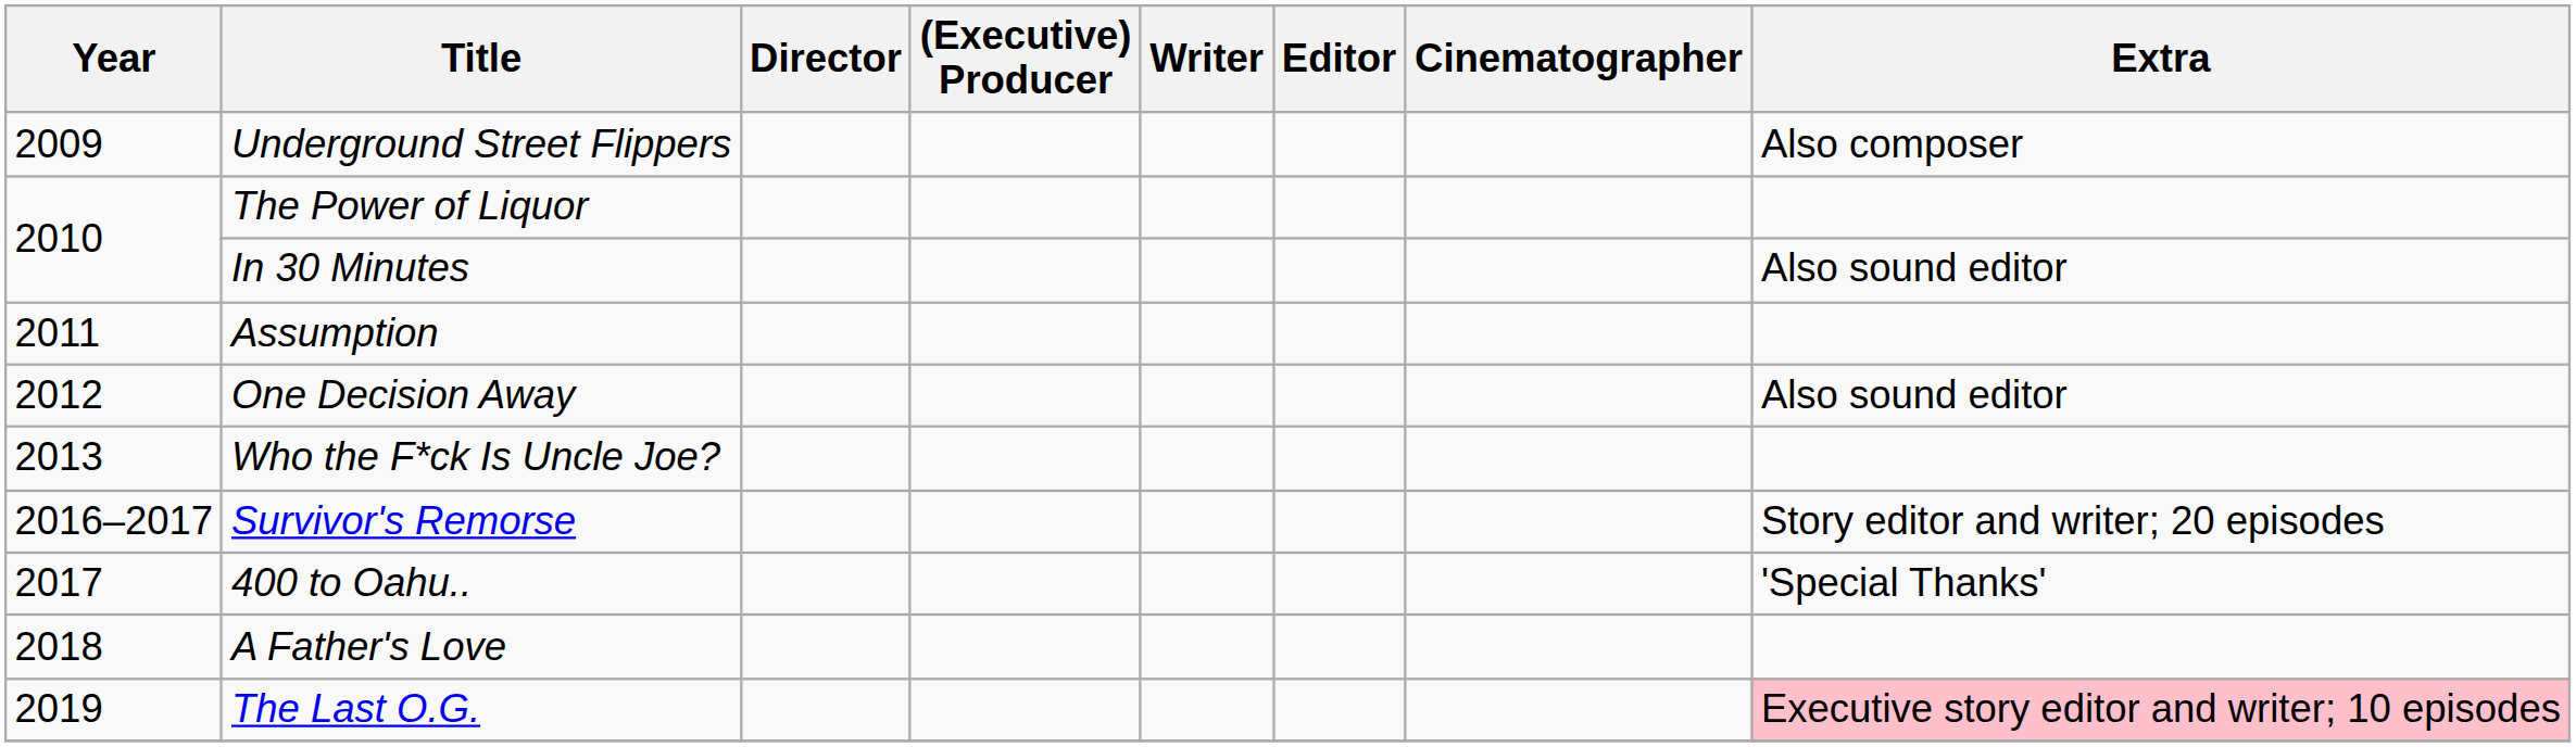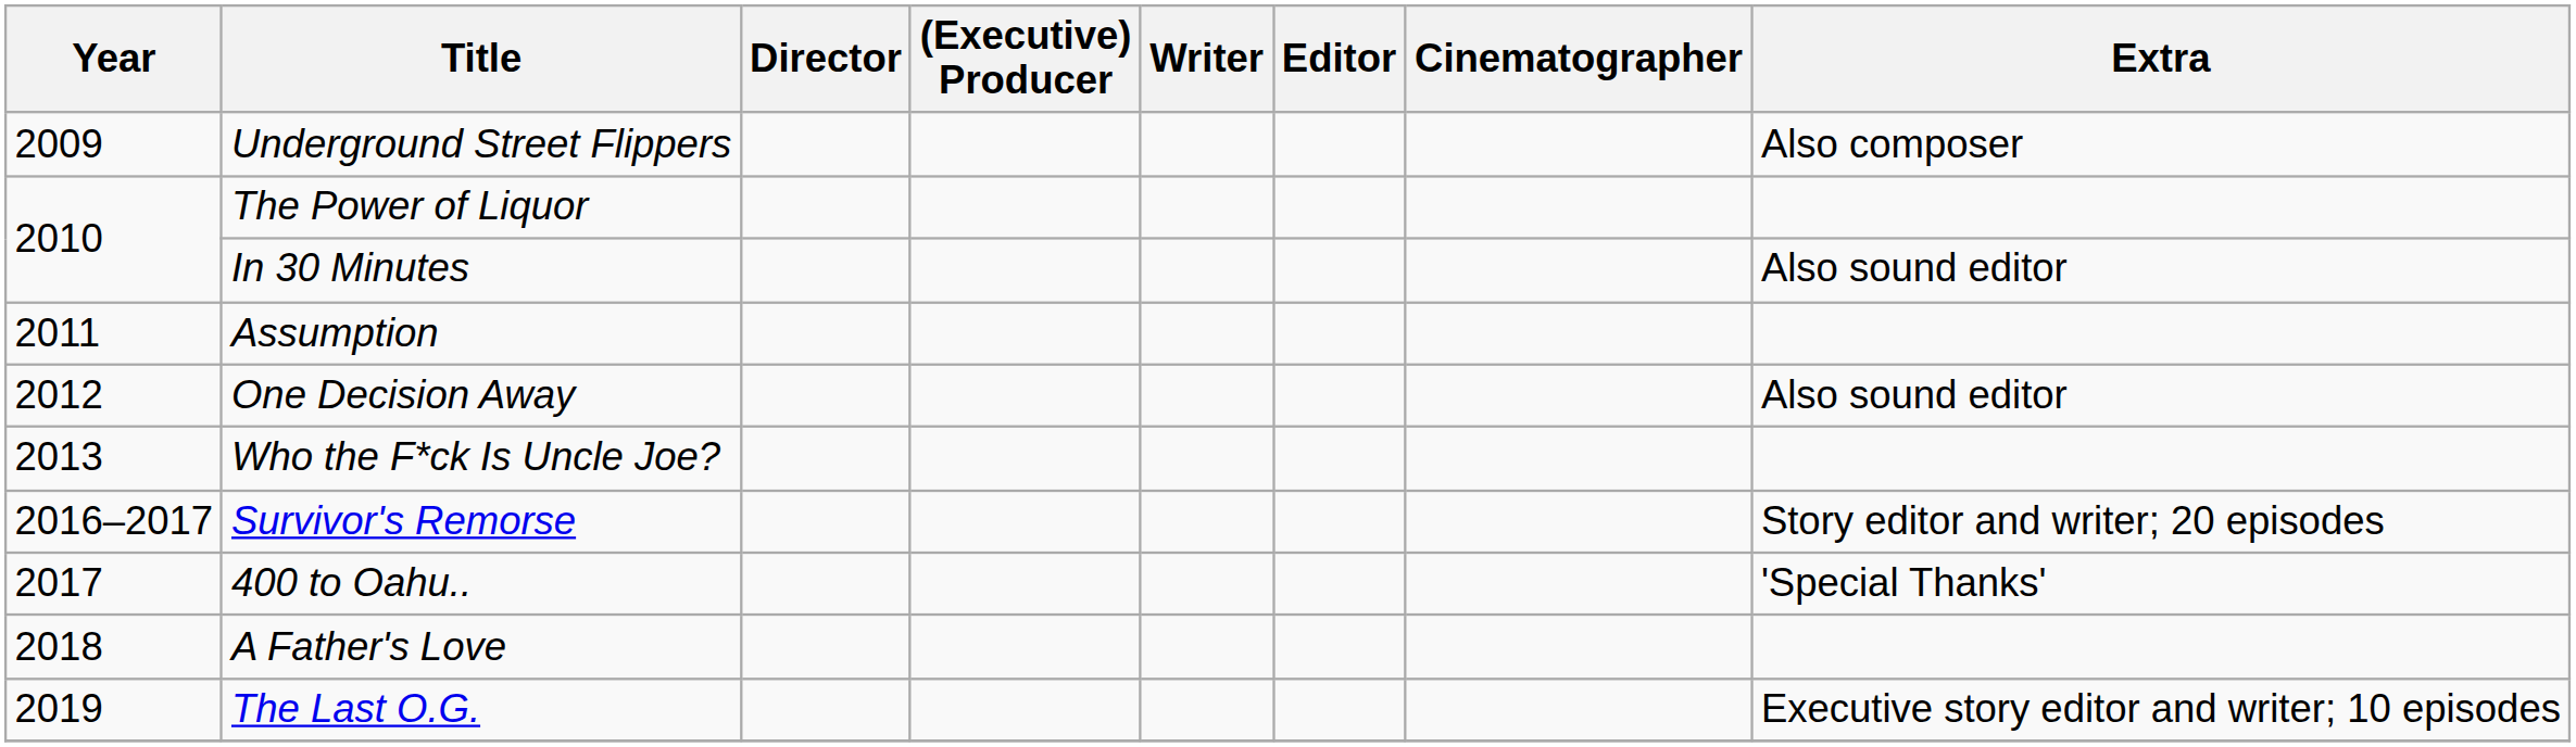 <table class="wikitable">
 <tr>
 <th>Year</th>
 <th>Title</th>
 <th>Director</th>
 <th>(Executive)<br>Producer</th>
 <th>Writer</th>
 <th>Editor</th>
 <th>Cinematographer</th>
 <th>Extra</th>
 </tr>
 <tr>
 <td>2009</td>
 <td><em>Underground Street Flippers</em></td>
 <td></td>
 <td></td>
 <td></td>
 <td></td>
 <td></td>
 <td>Also composer</td>
 </tr>
 <tr>
 <td rowspan="2">2010</td>
 <td><em>The Power of Liquor</em></td>
 <td></td>
 <td></td>
 <td></td>
 <td></td>
 <td></td>
 <td></td>
 </tr>
 <tr>
 <td><em>In 30 Minutes</em></td>
 <td></td>
 <td></td>
 <td></td>
 <td></td>
 <td></td>
 <td>Also sound editor</td>
 </tr>
 <tr>
 <td>2011</td>
 <td><em>Assumption</em></td>
 <td></td>
 <td></td>
 <td></td>
 <td></td>
 <td></td>
 <td></td>
 </tr>
 <tr>
 <td>2012</td>
 <td><em>One Decision Away</em></td>
 <td></td>
 <td></td>
 <td></td>
 <td></td>
 <td></td>
 <td>Also sound editor</td>
 </tr>
 <tr>
 <td>2013</td>
 <td><em>Who the F*ck Is Uncle Joe?</em></td>
 <td></td>
 <td></td>
 <td></td>
 <td></td>
 <td></td>
 <td></td>
 </tr>
 <tr>
 <td>2016–2017</td>
 <td><em><a href='#'>Survivor's Remorse</a></em></td>
 <td></td>
 <td></td>
 <td></td>
 <td></td>
 <td></td>
 <td>Story editor and writer; 20 episodes</td>
 </tr>
 <tr>
 <td>2017</td>
 <td><em>400 to Oahu..</em></td>
 <td></td>
 <td></td>
 <td></td>
 <td></td>
 <td></td>
 <td>'Special Thanks'</td>
 </tr>
 <tr>
 <td>2018</td>
 <td><em>A Father's Love</em></td>
 <td></td>
 <td></td>
 <td></td>
 <td></td>
 <td></td>
 <td></td>
 </tr>
 <tr>
 <td>2019</td>
 <td><em><a href='#'>The Last O.G.</a></em></td>
 <td></td>
 <td></td>
 <td></td>
 <td></td>
 <td></td>
-<td style="background: pink;">Executive story editor and writer; 10 episodes</td>
+<td>Executive story editor and writer; 10 episodes</td>
 </tr>
 <tr>
 </tr>
 </table>
